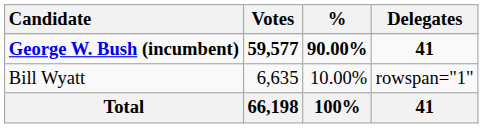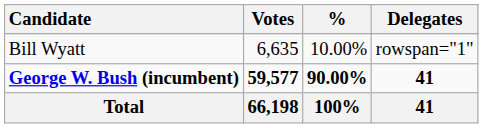 <table class="wikitable sortable plainrowheaders" style="text-align:right;">
 <tr>
 <th style="text-align:left;">Candidate</th>
 <th>Votes</th>
 <th>%</th>
 <th>Delegates</th>
 </tr>
 <tr>
 </tr>
 <tr>
+<td style="text-align:left;">Bill Wyatt</td>
+<td>6,635</td>
+<td>10.00%</td>
+<td>rowspan="1" </td>
+</tr>
+<tr>
 <td style="text-align:left;"><strong><a href='#'>George W. Bush</a></strong> <strong>(incumbent)</strong></td>
 <td><strong>59,577</strong></td>
 <td><strong>90.00%</strong></td>
 <td style="text-align:center;"><strong>41</strong></td>
-</tr>
-<tr>
-<td style="text-align:left;">Bill Wyatt</td>
-<td>6,635</td>
-<td>10.00%</td>
-<td>rowspan="1" </td>
 </tr>
 <tr class="sortbottom">
 <th>Total</th>
 <th><strong>66,198</strong></th>
 <th>100%</th>
 <th>41</th>
 </tr>
 </table>
